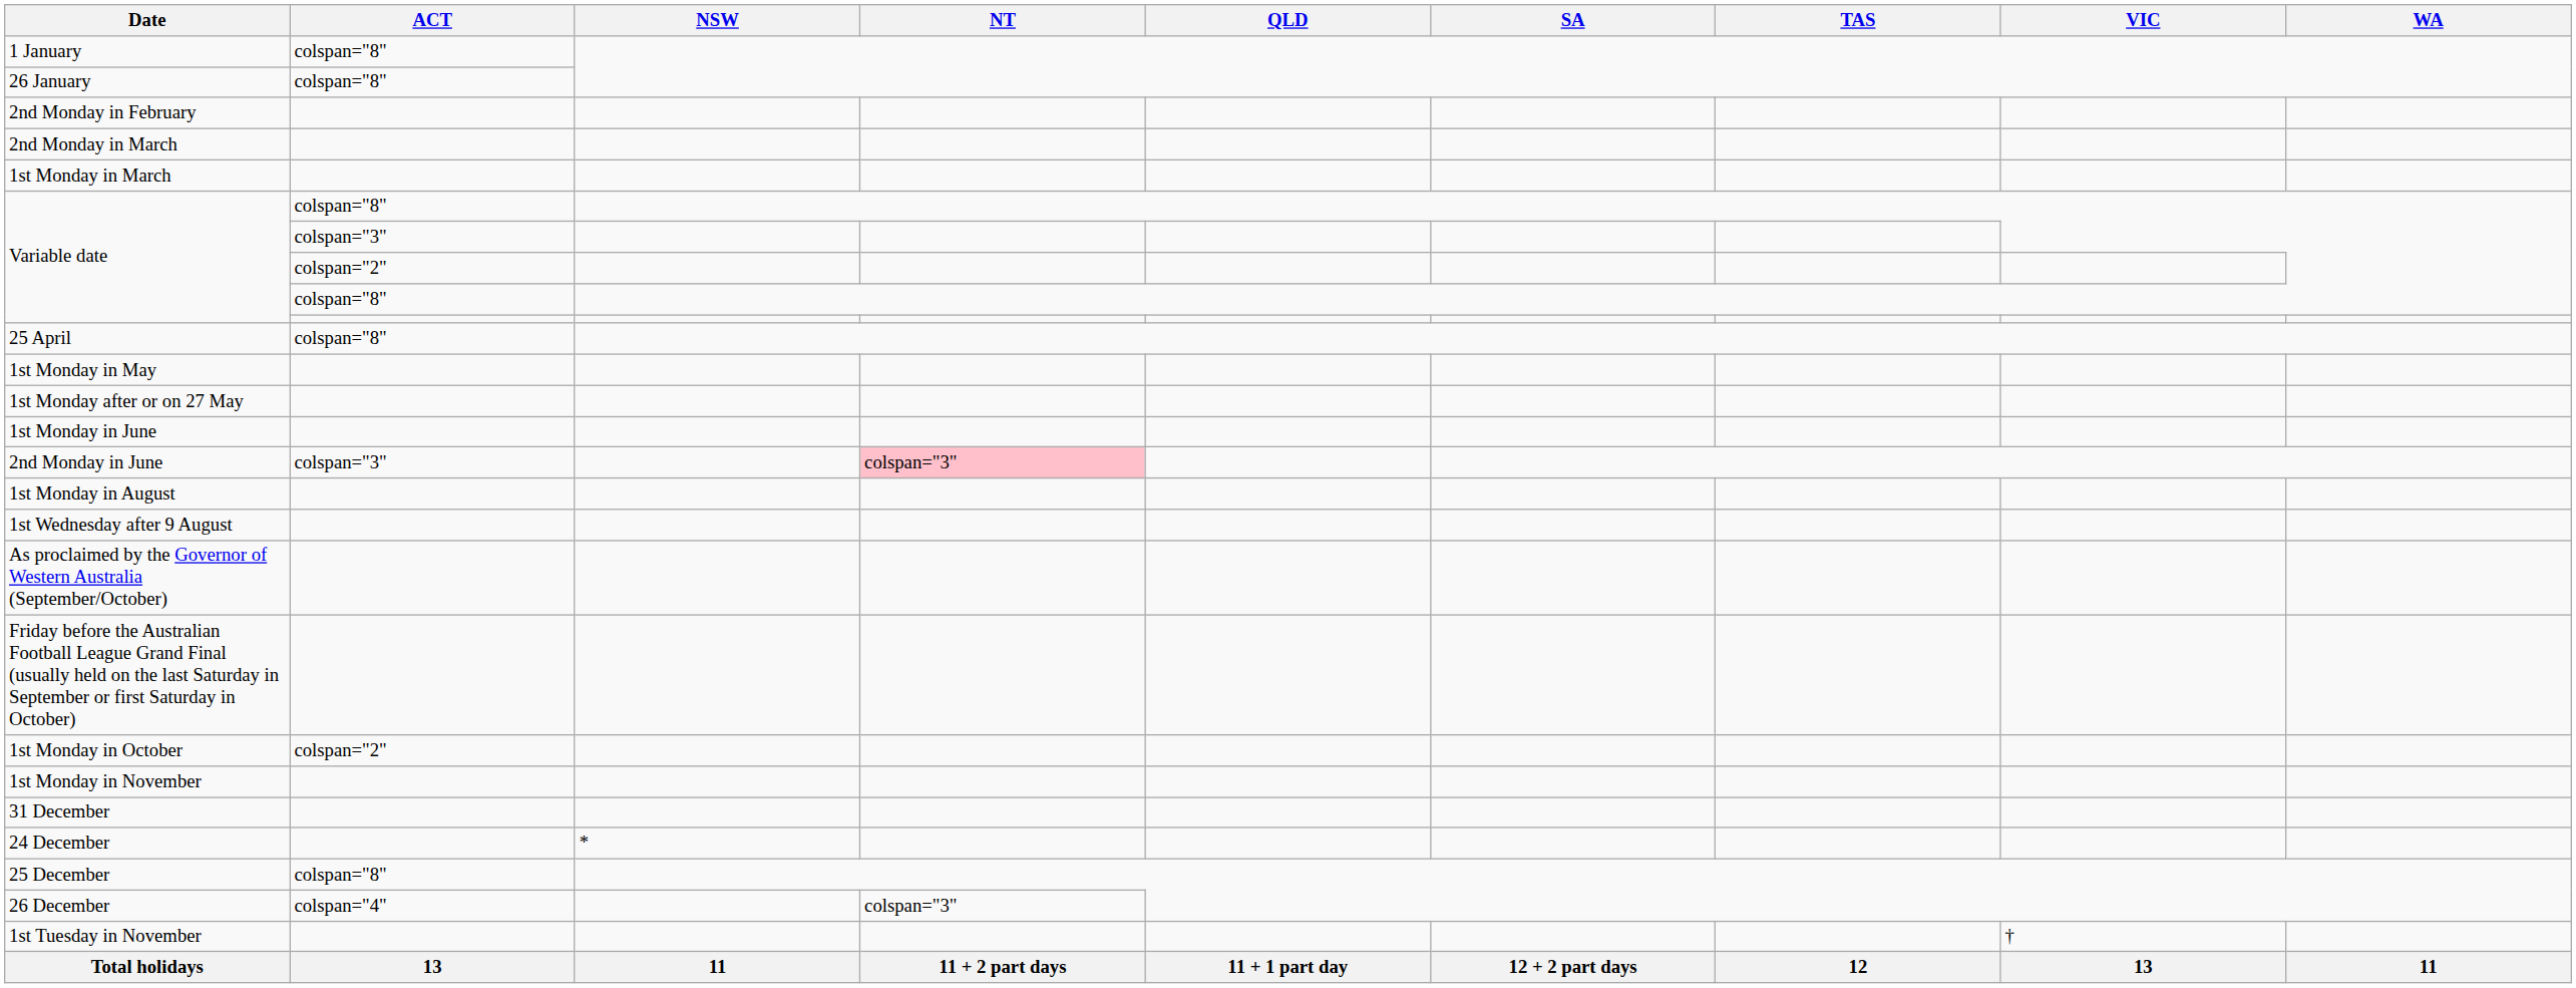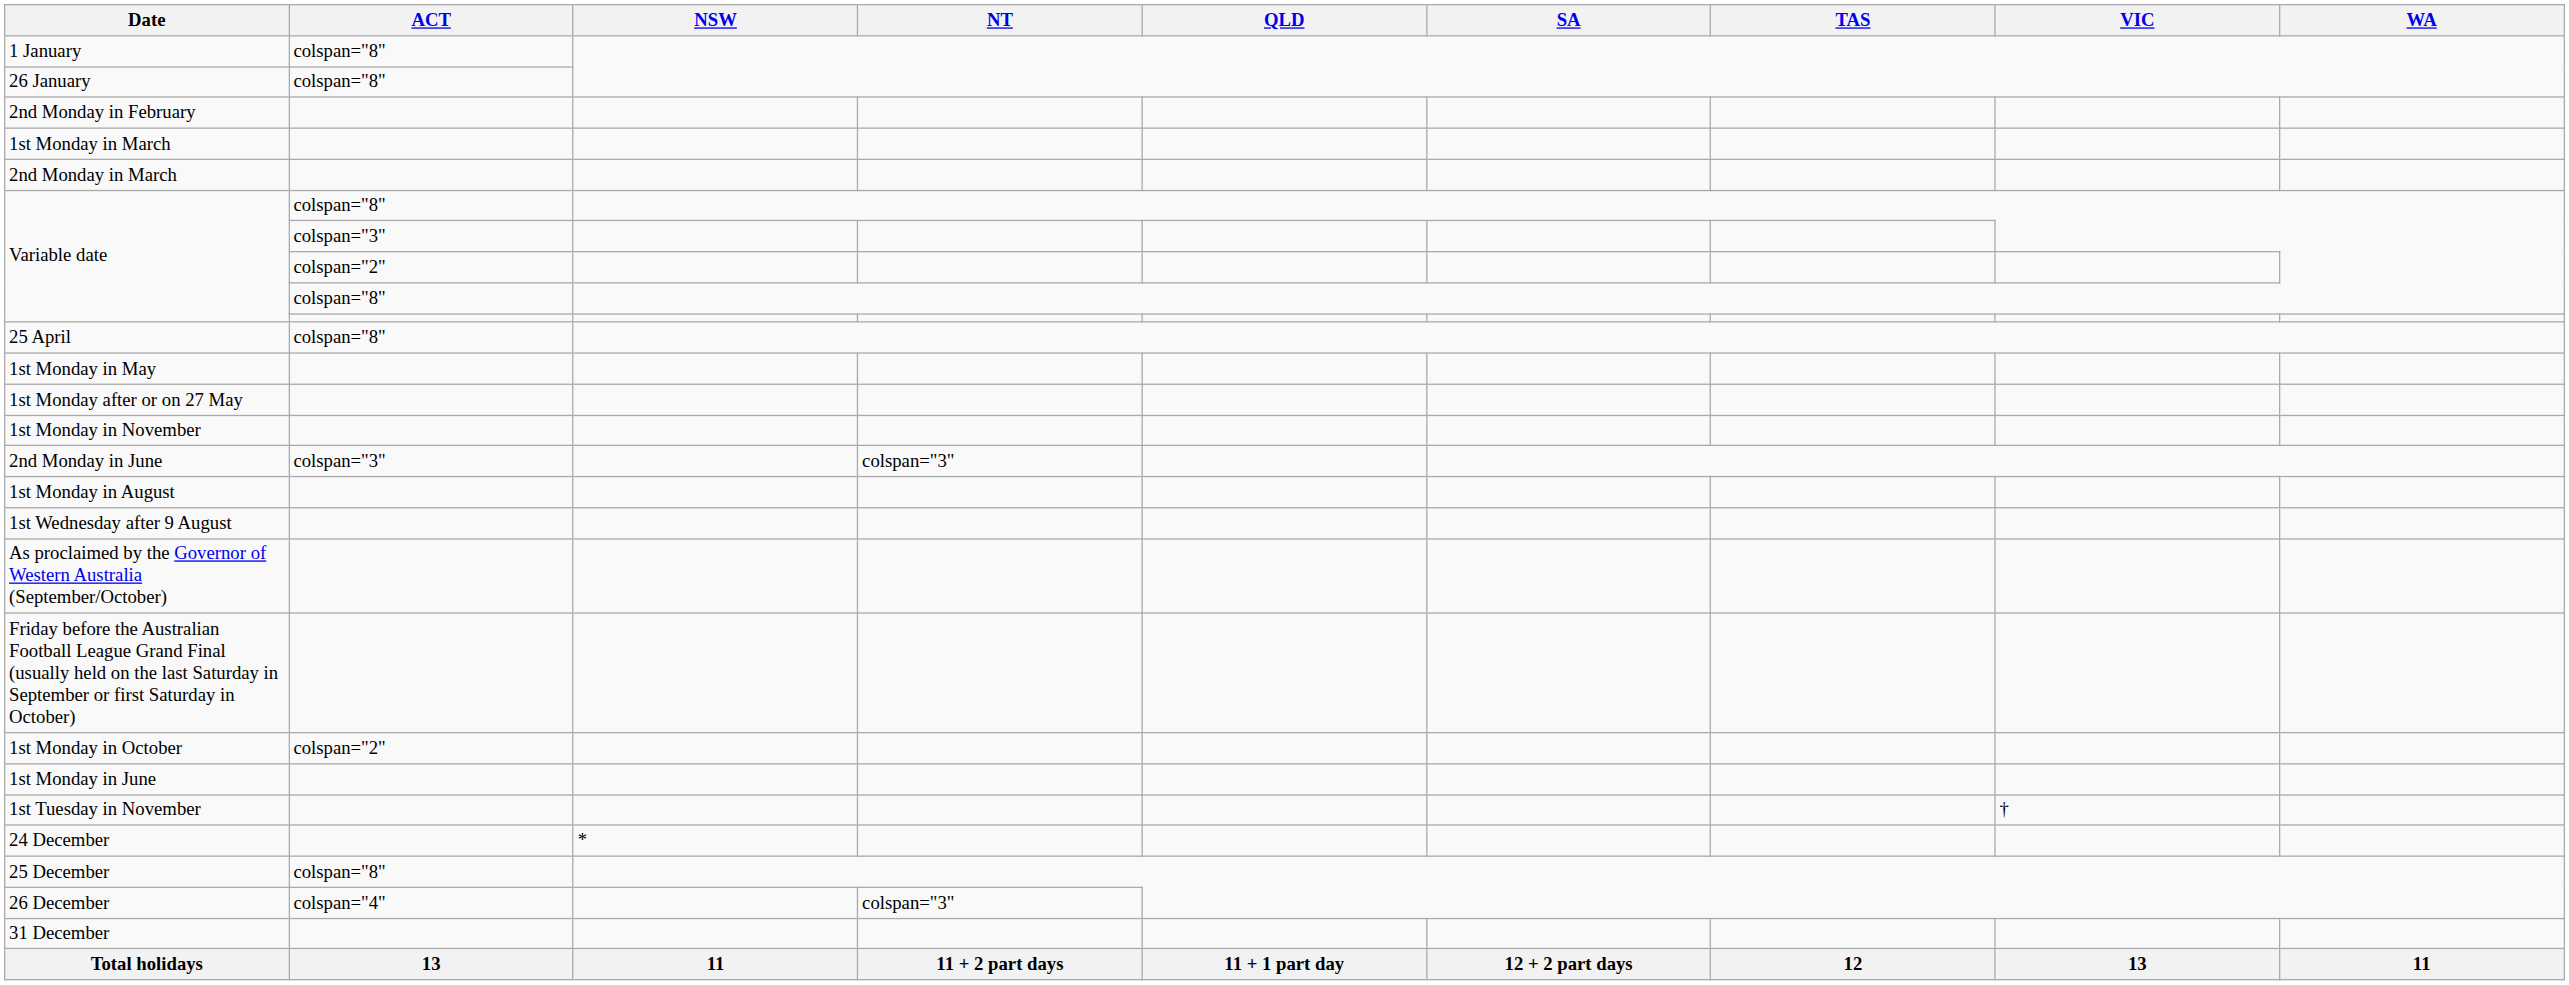 <table class="wikitable" style="font-size:90%;">
 <tr>
 <th width=10%>Date</th>
 <th width=10%><a href='#'>ACT</a></th>
 <th width=10%><a href='#'>NSW</a></th>
 <th width=10%><a href='#'>NT</a></th>
 <th width=10%><a href='#'>QLD</a></th>
 <th width=10%><a href='#'>SA</a></th>
 <th width=10%><a href='#'>TAS</a></th>
 <th width=10%><a href='#'>VIC</a></th>
 <th width=10%><a href='#'>WA</a></th>
 </tr>
 <tr>
 <td>1 January</td>
 <td>colspan="8" </td>
 </tr>
 <tr>
 <td>26 January</td>
 <td>colspan="8" </td>
 </tr>
 <tr>
 <td>2nd Monday in February</td>
 <td></td>
 <td></td>
 <td></td>
 <td></td>
 <td></td>
 <td></td>
 <td></td>
 <td></td>
 </tr>
 <tr>
-<td>2nd Monday in March</td>
+<td>1st Monday in March</td>
 <td></td>
 <td></td>
 <td></td>
 <td></td>
 <td></td>
 <td></td>
 <td></td>
 <td></td>
 </tr>
 <tr>
-<td>1st Monday in March</td>
+<td>2nd Monday in March</td>
 <td></td>
 <td></td>
 <td></td>
 <td></td>
 <td></td>
 <td></td>
 <td></td>
 <td></td>
 </tr>
 <tr>
 <td rowspan="5">Variable date</td>
 <td>colspan="8" </td>
 </tr>
 <tr>
 <td>colspan="3" </td>
 <td></td>
 <td></td>
 <td> </td>
 <td></td>
 <td> </td>
 </tr>
 <tr>
 <td>colspan="2" </td>
 <td></td>
 <td></td>
 <td></td>
 <td></td>
 <td></td>
 <td></td>
 </tr>
 <tr>
 <td>colspan="8" </td>
 </tr>
 <tr>
 <td></td>
 <td></td>
 <td></td>
 <td></td>
 <td></td>
 <td></td>
 <td></td>
 <td></td>
 </tr>
 <tr>
 <td>25 April</td>
 <td>colspan="8" </td>
 </tr>
 <tr>
 <td>1st Monday in May</td>
 <td></td>
 <td></td>
 <td></td>
 <td></td>
 <td></td>
 <td></td>
 <td></td>
 <td></td>
 </tr>
 <tr>
 <td>1st Monday after or on 27 May</td>
 <td></td>
 <td></td>
 <td></td>
 <td></td>
 <td></td>
 <td></td>
 <td></td>
 <td></td>
 </tr>
 <tr>
-<td>1st Monday in June</td>
+<td>1st Monday in November</td>
 <td></td>
 <td></td>
 <td></td>
 <td></td>
 <td></td>
 <td></td>
 <td></td>
 <td></td>
 </tr>
 <tr>
 <td>2nd Monday in June</td>
 <td>colspan="3" </td>
 <td></td>
-<td style="background: pink;">colspan="3" </td>
+<td>colspan="3" </td>
 <td></td>
 </tr>
 <tr>
 <td>1st Monday in August</td>
 <td></td>
 <td></td>
 <td></td>
 <td></td>
 <td></td>
 <td></td>
 <td></td>
 <td></td>
 </tr>
 <tr>
 <td>1st Wednesday after 9 August</td>
 <td></td>
 <td></td>
 <td></td>
 <td></td>
 <td></td>
 <td></td>
 <td></td>
 <td></td>
 </tr>
 <tr>
 <td>As proclaimed by the <a href='#'>Governor of Western Australia</a> (September/October)</td>
 <td></td>
 <td></td>
 <td></td>
 <td></td>
 <td></td>
 <td></td>
 <td></td>
 <td></td>
 </tr>
 <tr>
 <td>Friday before the Australian Football League Grand Final (usually held on the last Saturday in September or first Saturday in October)</td>
 <td></td>
 <td></td>
 <td></td>
 <td></td>
 <td></td>
 <td></td>
 <td></td>
 <td></td>
 </tr>
 <tr>
 <td>1st Monday in October</td>
 <td>colspan="2" </td>
 <td></td>
 <td></td>
 <td></td>
 <td></td>
 <td></td>
 <td></td>
 </tr>
 <tr>
-<td>1st Monday in November</td>
+<td>1st Monday in June</td>
 <td></td>
 <td></td>
 <td></td>
 <td></td>
 <td></td>
 <td></td>
 <td></td>
 <td></td>
 </tr>
 <tr>
-<td>31 December</td>
+<td>1st Tuesday in November</td>
 <td></td>
 <td></td>
 <td></td>
 <td></td>
 <td></td>
 <td></td>
-<td></td>
+<td>†</td>
 <td></td>
 </tr>
 <tr>
 <td>24 December</td>
 <td></td>
 <td>*</td>
 <td></td>
 <td></td>
 <td></td>
 <td></td>
 <td></td>
 <td></td>
 </tr>
 <tr>
 <td>25 December</td>
 <td>colspan="8" </td>
 </tr>
 <tr>
 <td>26 December</td>
 <td>colspan="4" </td>
 <td></td>
 <td>colspan="3" </td>
 </tr>
 <tr>
-<td>1st Tuesday in November</td>
+<td>31 December</td>
 <td></td>
 <td></td>
 <td></td>
 <td></td>
 <td></td>
 <td></td>
-<td>†</td>
+<td></td>
 <td></td>
 </tr>
 <tr>
 <th>Total holidays</th>
 <th>13</th>
 <th>11</th>
 <th>11 + 2 part days</th>
 <th>11 + 1 part day</th>
 <th>12 + 2 part days</th>
 <th>12</th>
 <th>13</th>
 <th>11</th>
 </tr>
 </table>
